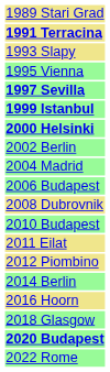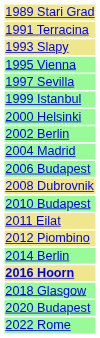 <table>
 <tr>
 <td bgcolor=khaki><a href='#'>1989 Stari Grad</a></td>
 <td></td>
 <td></td>
 <td></td>
 </tr>
 <tr>
-<td bgcolor=khaki><strong><a href='#'>1991 Terracina</a></strong></td>
+<td bgcolor=khaki><a href='#'>1991 Terracina</a></td>
 <td></td>
 <td></td>
 <td></td>
 </tr>
 <tr>
 <td bgcolor=khaki><a href='#'>1993 Slapy</a></td>
 <td></td>
 <td></td>
 <td></td>
 </tr>
 <tr>
 <td bgcolor=palegreen><a href='#'>1995 Vienna</a></td>
 <td></td>
 <td></td>
 <td></td>
 </tr>
 <tr>
-<td bgcolor=palegreen><strong><a href='#'>1997 Sevilla</a></strong></td>
+<td bgcolor=palegreen><a href='#'>1997 Sevilla</a></td>
 <td></td>
 <td></td>
 <td></td>
 </tr>
 <tr>
-<td bgcolor=palegreen><strong><a href='#'>1999 Istanbul</a></strong></td>
+<td bgcolor=palegreen><a href='#'>1999 Istanbul</a></td>
 <td></td>
 <td></td>
 <td></td>
 </tr>
 <tr>
-<td bgcolor=palegreen><strong><a href='#'>2000 Helsinki</a></strong></td>
+<td bgcolor=palegreen><a href='#'>2000 Helsinki</a></td>
 <td></td>
 <td></td>
 <td></td>
 </tr>
 <tr>
 <td bgcolor=palegreen><a href='#'>2002 Berlin</a></td>
 <td></td>
 <td></td>
 <td></td>
 </tr>
 <tr>
 <td bgcolor=palegreen><a href='#'>2004 Madrid</a></td>
 <td></td>
 <td></td>
 <td></td>
 </tr>
 <tr>
 <td bgcolor=palegreen><a href='#'>2006 Budapest</a></td>
 <td></td>
 <td></td>
 <td></td>
 </tr>
 <tr>
 <td bgcolor=khaki><a href='#'>2008 Dubrovnik</a></td>
 <td></td>
 <td></td>
 <td></td>
 </tr>
 <tr>
 <td bgcolor=palegreen><a href='#'>2010 Budapest</a></td>
 <td></td>
 <td></td>
 <td><br></td>
 </tr>
 <tr>
 <td bgcolor=khaki><a href='#'>2011 Eilat</a></td>
 <td></td>
 <td></td>
 <td></td>
 </tr>
 <tr>
 <td bgcolor=khaki><a href='#'>2012 Piombino</a></td>
 <td></td>
 <td></td>
 <td></td>
 </tr>
 <tr>
 <td bgcolor=palegreen><a href='#'>2014 Berlin</a></td>
 <td></td>
 <td></td>
 <td></td>
 </tr>
 <tr>
-<td bgcolor=khaki><a href='#'>2016 Hoorn</a></td>
+<td bgcolor=khaki><strong><a href='#'>2016 Hoorn</a></strong></td>
 <td></td>
 <td></td>
 <td></td>
 </tr>
 <tr>
 <td bgcolor=palegreen><a href='#'>2018 Glasgow</a></td>
 <td></td>
 <td></td>
 <td></td>
 </tr>
 <tr>
-<td bgcolor=palegreen><strong><a href='#'>2020 Budapest</a></strong></td>
+<td bgcolor=palegreen><a href='#'>2020 Budapest</a></td>
 <td></td>
 <td></td>
 <td></td>
 </tr>
 <tr>
 <td bgcolor=palegreen><a href='#'>2022 Rome</a></td>
 <td></td>
 <td></td>
 <td></td>
 </tr>
 </table>
